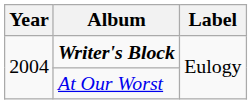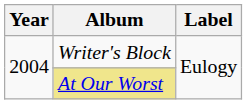 <table class=wikitable>
 <tr>
 <th>Year</th>
 <th>Album</th>
 <th>Label</th>
 </tr>
 <tr>
 <td rowspan=2>2004</td>
-<td><strong><em>Writer's Block</em></strong></td>
+<td><em>Writer's Block</em></td>
 <td rowspan=2>Eulogy</td>
 </tr>
 <tr>
-<td><em><a href='#'>At Our Worst</a></em></td>
+<td style="background: khaki;"><em><a href='#'>At Our Worst</a></em></td>
 </tr>
 </table>
